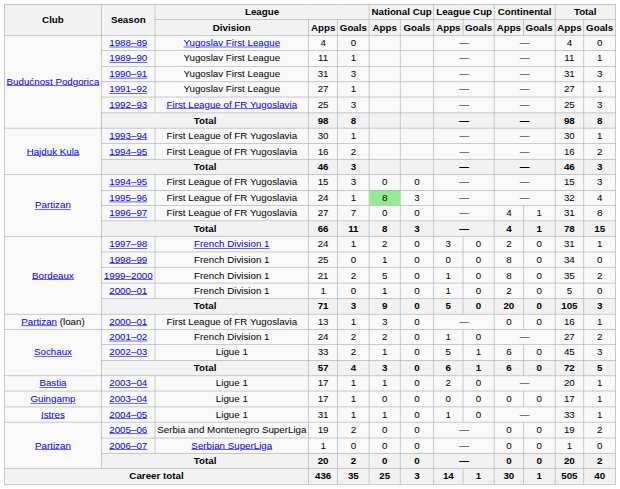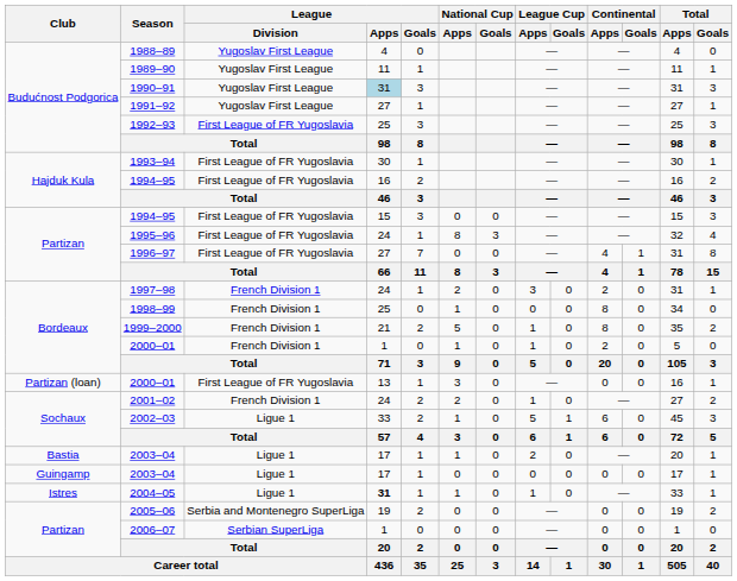 <table class="wikitable" style="text-align:center">
 <tr>
 <th rowspan="2">Club</th>
 <th rowspan="2">Season</th>
 <th colspan="3">League</th>
 <th colspan="2">National Cup</th>
 <th colspan="2">League Cup</th>
 <th colspan="2">Continental</th>
 <th colspan="2">Total</th>
 </tr>
 <tr>
 <th>Division</th>
 <th>Apps</th>
 <th>Goals</th>
 <th>Apps</th>
 <th>Goals</th>
 <th>Apps</th>
 <th>Goals</th>
 <th>Apps</th>
 <th>Goals</th>
 <th>Apps</th>
 <th>Goals</th>
 </tr>
 <tr>
 <td rowspan="6"><a href='#'>Budućnost Podgorica</a></td>
 <td><a href='#'>1988–89</a></td>
 <td><a href='#'>Yugoslav First League</a></td>
 <td>4</td>
 <td>0</td>
 <td></td>
 <td></td>
 <td colspan="2">—</td>
 <td colspan="2">—</td>
 <td>4</td>
 <td>0</td>
 </tr>
 <tr>
 <td><a href='#'>1989–90</a></td>
 <td>Yugoslav First League</td>
 <td>11</td>
 <td>1</td>
 <td></td>
 <td></td>
 <td colspan="2">—</td>
 <td colspan="2">—</td>
 <td>11</td>
 <td>1</td>
 </tr>
 <tr>
 <td><a href='#'>1990–91</a></td>
 <td>Yugoslav First League</td>
-<td>31</td>
+<td style="background: lightblue;">31</td>
 <td>3</td>
 <td></td>
 <td></td>
 <td colspan="2">—</td>
 <td colspan="2">—</td>
 <td>31</td>
 <td>3</td>
 </tr>
 <tr>
 <td><a href='#'>1991–92</a></td>
 <td>Yugoslav First League</td>
 <td>27</td>
 <td>1</td>
 <td></td>
 <td></td>
 <td colspan="2">—</td>
 <td colspan="2">—</td>
 <td>27</td>
 <td>1</td>
 </tr>
 <tr>
 <td><a href='#'>1992–93</a></td>
 <td><a href='#'>First League of FR Yugoslavia</a></td>
 <td>25</td>
 <td>3</td>
 <td></td>
 <td></td>
 <td colspan="2">—</td>
 <td colspan="2">—</td>
 <td>25</td>
 <td>3</td>
 </tr>
 <tr>
 <th colspan="2">Total</th>
 <th>98</th>
 <th>8</th>
 <th></th>
 <th></th>
 <th colspan="2">—</th>
 <th colspan="2">—</th>
 <th>98</th>
 <th>8</th>
 </tr>
 <tr>
 <td rowspan="3"><a href='#'>Hajduk Kula</a></td>
 <td><a href='#'>1993–94</a></td>
 <td>First League of FR Yugoslavia</td>
 <td>30</td>
 <td>1</td>
 <td></td>
 <td></td>
 <td colspan="2">—</td>
 <td colspan="2">—</td>
 <td>30</td>
 <td>1</td>
 </tr>
 <tr>
 <td><a href='#'>1994–95</a></td>
 <td>First League of FR Yugoslavia</td>
 <td>16</td>
 <td>2</td>
 <td></td>
 <td></td>
 <td colspan="2">—</td>
 <td colspan="2">—</td>
 <td>16</td>
 <td>2</td>
 </tr>
 <tr>
 <th colspan="2">Total</th>
 <th>46</th>
 <th>3</th>
 <th></th>
 <th></th>
 <th colspan="2">—</th>
 <th colspan="2">—</th>
 <th>46</th>
 <th>3</th>
 </tr>
 <tr>
 <td rowspan="4"><a href='#'>Partizan</a></td>
 <td><a href='#'>1994–95</a></td>
 <td>First League of FR Yugoslavia</td>
 <td>15</td>
 <td>3</td>
 <td>0</td>
 <td>0</td>
 <td colspan="2">—</td>
 <td colspan="2">—</td>
 <td>15</td>
 <td>3</td>
 </tr>
 <tr>
 <td><a href='#'>1995–96</a></td>
 <td>First League of FR Yugoslavia</td>
 <td>24</td>
 <td>1</td>
-<td style="background: lightgreen;">8</td>
+<td>8</td>
 <td>3</td>
 <td colspan="2">—</td>
 <td colspan="2">—</td>
 <td>32</td>
 <td>4</td>
 </tr>
 <tr>
 <td><a href='#'>1996–97</a></td>
 <td>First League of FR Yugoslavia</td>
 <td>27</td>
 <td>7</td>
 <td>0</td>
 <td>0</td>
 <td colspan="2">—</td>
 <td>4</td>
 <td>1</td>
 <td>31</td>
 <td>8</td>
 </tr>
 <tr>
 <th colspan="2">Total</th>
 <th>66</th>
 <th>11</th>
 <th>8</th>
 <th>3</th>
 <th colspan="2">—</th>
 <th>4</th>
 <th>1</th>
 <th>78</th>
 <th>15</th>
 </tr>
 <tr>
 <td rowspan="5"><a href='#'>Bordeaux</a></td>
 <td><a href='#'>1997–98</a></td>
 <td><a href='#'>French Division 1</a></td>
 <td>24</td>
 <td>1</td>
 <td>2</td>
 <td>0</td>
 <td>3</td>
 <td>0</td>
 <td>2</td>
 <td>0</td>
 <td>31</td>
 <td>1</td>
 </tr>
 <tr>
 <td><a href='#'>1998–99</a></td>
 <td>French Division 1</td>
 <td>25</td>
 <td>0</td>
 <td>1</td>
 <td>0</td>
 <td>0</td>
 <td>0</td>
 <td>8</td>
 <td>0</td>
 <td>34</td>
 <td>0</td>
 </tr>
 <tr>
 <td><a href='#'>1999–2000</a></td>
 <td>French Division 1</td>
 <td>21</td>
 <td>2</td>
 <td>5</td>
 <td>0</td>
 <td>1</td>
 <td>0</td>
 <td>8</td>
 <td>0</td>
 <td>35</td>
 <td>2</td>
 </tr>
 <tr>
 <td><a href='#'>2000–01</a></td>
 <td>French Division 1</td>
 <td>1</td>
 <td>0</td>
 <td>1</td>
 <td>0</td>
 <td>1</td>
 <td>0</td>
 <td>2</td>
 <td>0</td>
 <td>5</td>
 <td>0</td>
 </tr>
 <tr>
 <th colspan="2">Total</th>
 <th>71</th>
 <th>3</th>
 <th>9</th>
 <th>0</th>
 <th>5</th>
 <th>0</th>
 <th>20</th>
 <th>0</th>
 <th>105</th>
 <th>3</th>
 </tr>
 <tr>
 <td><a href='#'>Partizan</a> (loan)</td>
 <td><a href='#'>2000–01</a></td>
 <td>First League of FR Yugoslavia</td>
 <td>13</td>
 <td>1</td>
 <td>3</td>
 <td>0</td>
 <td colspan="2">—</td>
 <td>0</td>
 <td>0</td>
 <td>16</td>
 <td>1</td>
 </tr>
 <tr>
 <td rowspan="3"><a href='#'>Sochaux</a></td>
 <td><a href='#'>2001–02</a></td>
 <td>French Division 1</td>
 <td>24</td>
 <td>2</td>
 <td>2</td>
 <td>0</td>
 <td>1</td>
 <td>0</td>
 <td colspan="2">—</td>
 <td>27</td>
 <td>2</td>
 </tr>
 <tr>
 <td><a href='#'>2002–03</a></td>
 <td>Ligue 1</td>
 <td>33</td>
 <td>2</td>
 <td>1</td>
 <td>0</td>
 <td>5</td>
 <td>1</td>
 <td>6</td>
 <td>0</td>
 <td>45</td>
 <td>3</td>
 </tr>
 <tr>
 <th colspan="2">Total</th>
 <th>57</th>
 <th>4</th>
 <th>3</th>
 <th>0</th>
 <th>6</th>
 <th>1</th>
 <th>6</th>
 <th>0</th>
 <th>72</th>
 <th>5</th>
 </tr>
 <tr>
 <td><a href='#'>Bastia</a></td>
 <td><a href='#'>2003–04</a></td>
 <td>Ligue 1</td>
 <td>17</td>
 <td>1</td>
 <td>1</td>
 <td>0</td>
 <td>2</td>
 <td>0</td>
 <td colspan="2">—</td>
 <td>20</td>
 <td>1</td>
 </tr>
 <tr>
 <td><a href='#'>Guingamp</a></td>
 <td><a href='#'>2003–04</a></td>
 <td>Ligue 1</td>
 <td>17</td>
 <td>1</td>
 <td>0</td>
 <td>0</td>
 <td>0</td>
 <td>0</td>
 <td>0</td>
 <td>0</td>
 <td>17</td>
 <td>1</td>
 </tr>
 <tr>
 <td><a href='#'>Istres</a></td>
 <td><a href='#'>2004–05</a></td>
 <td>Ligue 1</td>
-<td>31</td>
+<td><strong>31</strong></td>
 <td>1</td>
 <td>1</td>
 <td>0</td>
 <td>1</td>
 <td>0</td>
 <td colspan="2">—</td>
 <td>33</td>
 <td>1</td>
 </tr>
 <tr>
 <td rowspan="3"><a href='#'>Partizan</a></td>
 <td><a href='#'>2005–06</a></td>
 <td>Serbia and Montenegro SuperLiga</td>
 <td>19</td>
 <td>2</td>
 <td>0</td>
 <td>0</td>
 <td colspan="2">—</td>
 <td>0</td>
 <td>0</td>
 <td>19</td>
 <td>2</td>
 </tr>
 <tr>
 <td><a href='#'>2006–07</a></td>
 <td><a href='#'>Serbian SuperLiga</a></td>
 <td>1</td>
 <td>0</td>
 <td>0</td>
 <td>0</td>
 <td colspan="2">—</td>
 <td>0</td>
 <td>0</td>
 <td>1</td>
 <td>0</td>
 </tr>
 <tr>
 <th colspan="2">Total</th>
 <th>20</th>
 <th>2</th>
 <th>0</th>
 <th>0</th>
 <th colspan="2">—</th>
 <th>0</th>
 <th>0</th>
 <th>20</th>
 <th>2</th>
 </tr>
 <tr>
 <th colspan="3">Career total</th>
 <th>436</th>
 <th>35</th>
 <th>25</th>
 <th>3</th>
 <th>14</th>
 <th>1</th>
 <th>30</th>
 <th>1</th>
 <th>505</th>
 <th>40</th>
 </tr>
 </table>
